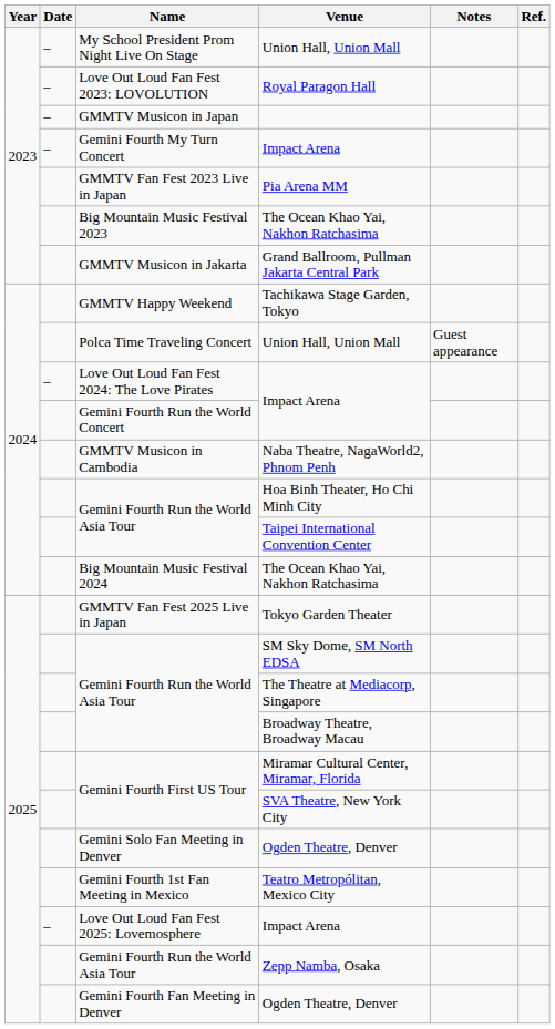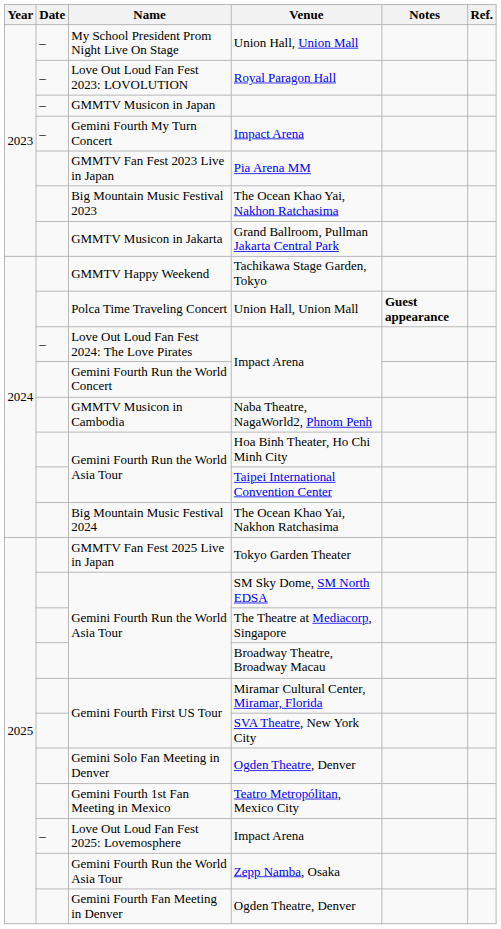 <table class="wikitable sortable">
 <tr>
 <th scope="col">Year</th>
 <th scope="col">Date</th>
 <th scope="col">Name</th>
 <th scope="col">Venue</th>
 <th scope="col" class="unsortable">Notes</th>
 <th scope="col" class="unsortable">Ref.</th>
 </tr>
 <tr>
 <td rowspan="7">2023</td>
 <td>–</td>
 <td>My School President Prom Night Live On Stage</td>
 <td>Union Hall, <a href='#'>Union Mall</a></td>
 <td></td>
 <td></td>
 </tr>
 <tr>
 <td>–</td>
 <td>Love Out Loud Fan Fest 2023: LOVOLUTION</td>
 <td><a href='#'>Royal Paragon Hall</a></td>
 <td></td>
 <td></td>
 </tr>
 <tr>
 <td>–</td>
 <td>GMMTV Musicon in Japan</td>
 <td></td>
 <td></td>
 <td></td>
 </tr>
 <tr>
 <td>–</td>
 <td>Gemini Fourth My Turn Concert</td>
 <td><a href='#'>Impact Arena</a></td>
 <td></td>
 <td></td>
 </tr>
 <tr>
 <td></td>
 <td>GMMTV Fan Fest 2023 Live in Japan</td>
 <td><a href='#'>Pia Arena MM</a></td>
 <td></td>
 <td></td>
 </tr>
 <tr>
 <td></td>
 <td>Big Mountain Music Festival 2023</td>
 <td>The Ocean Khao Yai, <a href='#'>Nakhon Ratchasima</a></td>
 <td></td>
 <td></td>
 </tr>
 <tr>
 <td></td>
 <td>GMMTV Musicon in Jakarta</td>
 <td>Grand Ballroom, Pullman <a href='#'>Jakarta Central Park</a></td>
 <td></td>
 <td></td>
 </tr>
 <tr>
 <td rowspan="8">2024</td>
 <td></td>
 <td>GMMTV Happy Weekend</td>
 <td>Tachikawa Stage Garden, Tokyo</td>
 <td></td>
 <td></td>
 </tr>
 <tr>
 <td></td>
 <td>Polca Time Traveling Concert</td>
 <td>Union Hall, Union Mall</td>
-<td>Guest appearance</td>
+<td><strong>Guest appearance</strong></td>
 <td></td>
 </tr>
 <tr>
 <td>–</td>
 <td>Love Out Loud Fan Fest 2024: The Love Pirates</td>
 <td rowspan="2">Impact Arena</td>
 <td></td>
 <td></td>
 </tr>
 <tr>
 <td></td>
 <td>Gemini Fourth Run the World Concert</td>
 <td></td>
 <td></td>
 </tr>
 <tr>
 <td></td>
 <td>GMMTV Musicon in Cambodia</td>
 <td>Naba Theatre, NagaWorld2, <a href='#'>Phnom Penh</a></td>
 <td></td>
 <td></td>
 </tr>
 <tr>
 <td></td>
 <td rowspan="2">Gemini Fourth Run the World Asia Tour</td>
 <td>Hoa Binh Theater, Ho Chi Minh City</td>
 <td></td>
 <td></td>
 </tr>
 <tr>
 <td></td>
 <td><a href='#'>Taipei International Convention Center</a></td>
 <td></td>
 <td></td>
 </tr>
 <tr>
 <td></td>
 <td>Big Mountain Music Festival 2024</td>
 <td>The Ocean Khao Yai, Nakhon Ratchasima</td>
 <td></td>
 <td></td>
 </tr>
 <tr>
 <td rowspan="11">2025</td>
 <td></td>
 <td>GMMTV Fan Fest 2025 Live in Japan</td>
 <td>Tokyo Garden Theater</td>
 <td></td>
 <td></td>
 </tr>
 <tr>
 <td></td>
 <td rowspan="3">Gemini Fourth Run the World Asia Tour</td>
 <td>SM Sky Dome, <a href='#'>SM North EDSA</a></td>
 <td></td>
 <td></td>
 </tr>
 <tr>
 <td></td>
 <td>The Theatre at <a href='#'>Mediacorp</a>, Singapore</td>
 <td></td>
 <td></td>
 </tr>
 <tr>
 <td></td>
 <td>Broadway Theatre, Broadway Macau</td>
 <td></td>
 <td></td>
 </tr>
 <tr>
 <td></td>
 <td rowspan="2">Gemini Fourth First US Tour</td>
 <td>Miramar Cultural Center, <a href='#'>Miramar, Florida</a></td>
 <td></td>
 <td></td>
 </tr>
 <tr>
 <td></td>
 <td><a href='#'>SVA Theatre</a>, New York City</td>
 <td></td>
 <td></td>
 </tr>
 <tr>
 <td></td>
 <td>Gemini Solo Fan Meeting in Denver</td>
 <td><a href='#'>Ogden Theatre</a>, Denver</td>
 <td></td>
 <td></td>
 </tr>
 <tr>
 <td></td>
 <td>Gemini Fourth 1st Fan Meeting in Mexico</td>
 <td><a href='#'>Teatro Metropólitan</a>, Mexico City</td>
 <td></td>
 <td></td>
 </tr>
 <tr>
 <td>–</td>
 <td>Love Out Loud Fan Fest 2025: Lovemosphere</td>
 <td>Impact Arena</td>
 <td></td>
 <td></td>
 </tr>
 <tr>
 <td></td>
 <td>Gemini Fourth Run the World Asia Tour</td>
 <td><a href='#'>Zepp Namba</a>, Osaka</td>
 <td></td>
 <td></td>
 </tr>
 <tr>
 <td></td>
 <td>Gemini Fourth Fan Meeting in Denver</td>
 <td>Ogden Theatre, Denver</td>
 <td></td>
 <td></td>
 </tr>
 </table>
